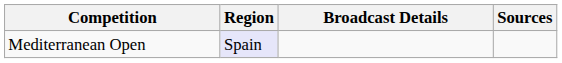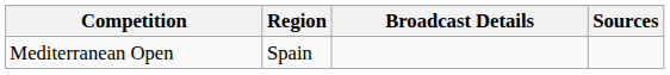 <table class="wikitable">
 <tr>
 <th width="200">Competition</th>
 <th>Region</th>
 <th width="200">Broadcast Details</th>
 <th>Sources</th>
 </tr>
 <tr>
 <td>Mediterranean Open</td>
-<td style="background: lavender;">Spain</td>
+<td>Spain</td>
 <td></td>
 </tr>
 </table>
